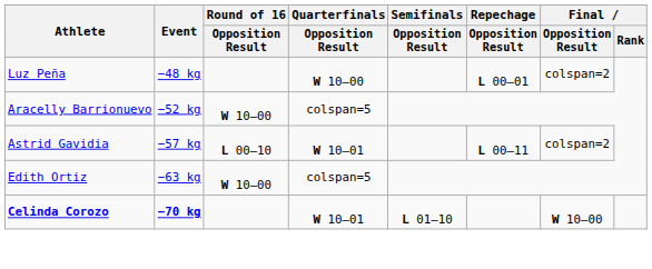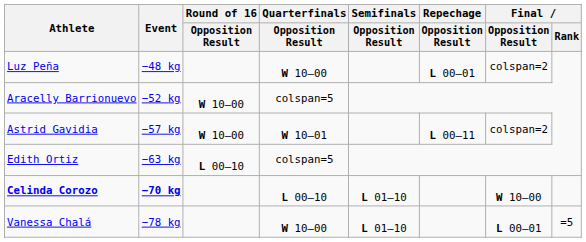 <table class="wikitable" style="font-size:90%">
 <tr>
 <th rowspan=2>Athlete</th>
 <th rowspan=2>Event</th>
 <th>Round of 16</th>
 <th>Quarterfinals</th>
 <th>Semifinals</th>
 <th>Repechage</th>
 <th colspan=2>Final / </th>
 </tr>
 <tr style="font-size:95%">
 <th>Opposition<br>Result</th>
 <th>Opposition<br>Result</th>
 <th>Opposition<br>Result</th>
 <th>Opposition<br>Result</th>
 <th>Opposition<br>Result</th>
 <th>Rank</th>
 </tr>
 <tr align=center>
 <td align=left><a href='#'>Luz Peña</a></td>
 <td align=left><a href='#'>−48 kg</a></td>
 <td></td>
 <td><br><strong>W</strong> 10–00</td>
 <td></td>
 <td><br><strong>L</strong> 00–01</td>
 <td>colspan=2 </td>
 </tr>
 <tr align=center>
 <td align=left><a href='#'>Aracelly Barrionuevo</a></td>
 <td align=left><a href='#'>−52 kg</a></td>
 <td><br><strong>W</strong> 10–00</td>
 <td>colspan=5 </td>
 </tr>
 <tr align=center>
 <td align=left><a href='#'>Astrid Gavidia</a></td>
 <td align=left><a href='#'>−57 kg</a></td>
-<td><br><strong>L</strong> 00–10</td>
+<td><br><strong>W</strong> 10–00</td>
 <td><br><strong>W</strong> 10–01</td>
 <td></td>
 <td><br><strong>L</strong> 00–11</td>
 <td>colspan=2 </td>
 </tr>
 <tr align=center>
 <td align=left><a href='#'>Edith Ortiz</a></td>
 <td align=left><a href='#'>−63 kg</a></td>
-<td><br><strong>W</strong> 10–00</td>
+<td><br><strong>L</strong> 00–10</td>
 <td>colspan=5 </td>
 </tr>
 <tr align=center>
 <td align=left><strong><a href='#'>Celinda Corozo</a></strong></td>
 <td align=left><strong><a href='#'>−70 kg</a></strong></td>
 <td></td>
-<td><br><strong>W</strong> 10–01</td>
+<td><br><strong>L</strong> 00–10</td>
 <td><br><strong>L</strong> 01–10</td>
 <td></td>
 <td><br><strong>W</strong> 10–00</td>
 <td></td>
 </tr>
+<tr align=center>
+<td align=left><a href='#'>Vanessa Chalá</a></td>
+<td align=left><a href='#'>−78 kg</a></td>
+<td></td>
+<td><br><strong>W</strong> 10–00</td>
+<td><br><strong>L</strong> 01–10</td>
+<td></td>
+<td><br><strong>L</strong> 00–01</td>
+<td>=5</td>
+</tr>
 </table>
